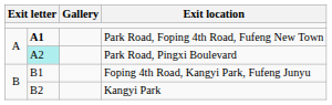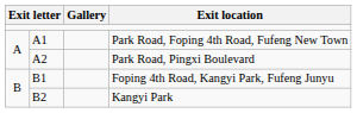 <table class="wikitable">
 <tr>
 <th colspan=2 style="width:70px">Exit letter</th>
 <th>Gallery</th>
 <th>Exit location</th>
 </tr>
 <tr style="background:#">
 <td colspan="4"></td>
 </tr>
 <tr>
 <td rowspan=2 align=center>A</td>
-<td><strong>A1</strong></td>
+<td>A1</td>
 <td></td>
 <td>Park Road, Foping 4th Road, Fufeng New Town</td>
 </tr>
 <tr>
-<td style="background: paleturquoise;">A2</td>
+<td>A2</td>
 <td></td>
 <td>Park Road, Pingxi Boulevard</td>
 </tr>
 <tr>
 <td rowspan=2 align=center>B</td>
 <td>B1</td>
 <td></td>
 <td>Foping 4th Road, Kangyi Park, Fufeng Junyu</td>
 </tr>
 <tr>
 <td>B2</td>
 <td></td>
 <td>Kangyi Park</td>
 </tr>
 </table>
